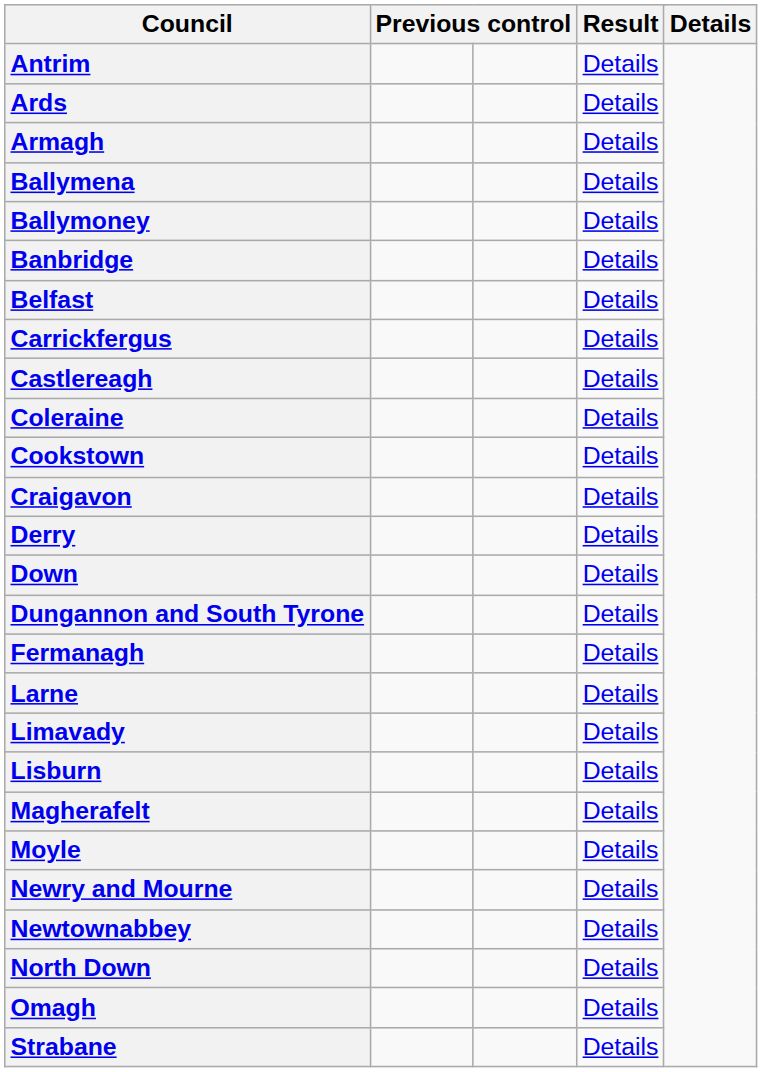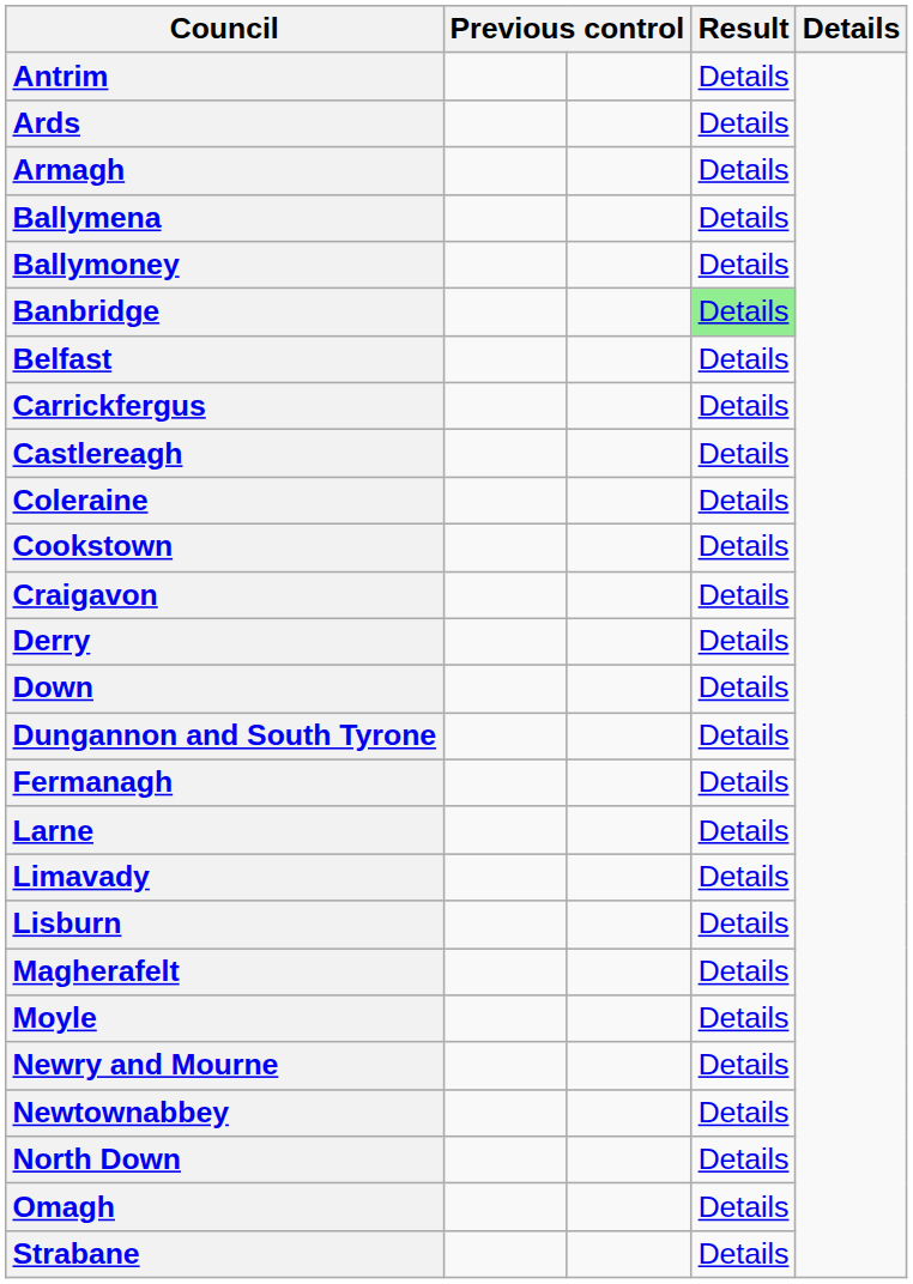 <table class="wikitable sortable" border="1">
 <tr>
 <th scope="col">Council</th>
 <th colspan=2>Previous control</th>
 <th colspan=2>Result</th>
 <th class="unsortable" scope="col">Details</th>
 </tr>
 <tr>
 <th scope="row" style="text-align: left;"><a href='#'>Antrim</a></th>
 <td></td>
 <td></td>
 <td><a href='#'>Details</a></td>
 </tr>
 <tr>
 <th scope="row" style="text-align: left;"><a href='#'>Ards</a></th>
 <td></td>
 <td></td>
 <td><a href='#'>Details</a></td>
 </tr>
 <tr>
 <th scope="row" style="text-align: left;"><a href='#'>Armagh</a></th>
 <td></td>
 <td></td>
 <td><a href='#'>Details</a></td>
 </tr>
 <tr>
 <th scope="row" style="text-align: left;"><a href='#'>Ballymena</a></th>
 <td></td>
 <td></td>
 <td><a href='#'>Details</a></td>
 </tr>
 <tr>
 <th scope="row" style="text-align: left;"><a href='#'>Ballymoney</a></th>
 <td></td>
 <td></td>
 <td><a href='#'>Details</a></td>
 </tr>
 <tr>
 <th scope="row" style="text-align: left;"><a href='#'>Banbridge</a></th>
 <td></td>
 <td></td>
-<td><a href='#'>Details</a></td>
+<td style="background: lightgreen;"><a href='#'>Details</a></td>
 </tr>
 <tr>
 <th scope="row" style="text-align: left;"><a href='#'>Belfast</a></th>
 <td></td>
 <td></td>
 <td><a href='#'>Details</a></td>
 </tr>
 <tr>
 <th scope="row" style="text-align: left;"><a href='#'>Carrickfergus</a></th>
 <td></td>
 <td></td>
 <td><a href='#'>Details</a></td>
 </tr>
 <tr>
 <th scope="row" style="text-align: left;"><a href='#'>Castlereagh</a></th>
 <td></td>
 <td></td>
 <td><a href='#'>Details</a></td>
 </tr>
 <tr>
 <th scope="row" style="text-align: left;"><a href='#'>Coleraine</a></th>
 <td></td>
 <td></td>
 <td><a href='#'>Details</a></td>
 </tr>
 <tr>
 <th scope="row" style="text-align: left;"><a href='#'>Cookstown</a></th>
 <td></td>
 <td></td>
 <td><a href='#'>Details</a></td>
 </tr>
 <tr>
 <th scope="row" style="text-align: left;"><a href='#'>Craigavon</a></th>
 <td></td>
 <td></td>
 <td><a href='#'>Details</a></td>
 </tr>
 <tr>
 <th scope="row" style="text-align: left;"><a href='#'>Derry</a></th>
 <td></td>
 <td></td>
 <td><a href='#'>Details</a></td>
 </tr>
 <tr>
 <th scope="row" style="text-align: left;"><a href='#'>Down</a></th>
 <td></td>
 <td></td>
 <td><a href='#'>Details</a></td>
 </tr>
 <tr>
 <th scope="row" style="text-align: left;"><a href='#'>Dungannon and South Tyrone</a></th>
 <td></td>
 <td></td>
 <td><a href='#'>Details</a></td>
 </tr>
 <tr>
 <th scope="row" style="text-align: left;"><a href='#'>Fermanagh</a></th>
 <td></td>
 <td></td>
 <td><a href='#'>Details</a></td>
 </tr>
 <tr>
 <th scope="row" style="text-align: left;"><a href='#'>Larne</a></th>
 <td></td>
 <td></td>
 <td><a href='#'>Details</a></td>
 </tr>
 <tr>
 <th scope="row" style="text-align: left;"><a href='#'>Limavady</a></th>
 <td></td>
 <td></td>
 <td><a href='#'>Details</a></td>
 </tr>
 <tr>
 <th scope="row" style="text-align: left;"><a href='#'>Lisburn</a></th>
 <td></td>
 <td></td>
 <td><a href='#'>Details</a></td>
 </tr>
 <tr>
 <th scope="row" style="text-align: left;"><a href='#'>Magherafelt</a></th>
 <td></td>
 <td></td>
 <td><a href='#'>Details</a></td>
 </tr>
 <tr>
 <th scope="row" style="text-align: left;"><a href='#'>Moyle</a></th>
 <td></td>
 <td></td>
 <td><a href='#'>Details</a></td>
 </tr>
 <tr>
 <th scope="row" style="text-align: left;"><a href='#'>Newry and Mourne</a></th>
 <td></td>
 <td></td>
 <td><a href='#'>Details</a></td>
 </tr>
 <tr>
 <th scope="row" style="text-align: left;"><a href='#'>Newtownabbey</a></th>
 <td></td>
 <td></td>
 <td><a href='#'>Details</a></td>
 </tr>
 <tr>
 <th scope="row" style="text-align: left;"><a href='#'>North Down</a></th>
 <td></td>
 <td></td>
 <td><a href='#'>Details</a></td>
 </tr>
 <tr>
 <th scope="row" style="text-align: left;"><a href='#'>Omagh</a></th>
 <td></td>
 <td></td>
 <td><a href='#'>Details</a></td>
 </tr>
 <tr>
 <th scope="row" style="text-align: left;"><a href='#'>Strabane</a></th>
 <td></td>
 <td></td>
 <td><a href='#'>Details</a></td>
 </tr>
 </table>
